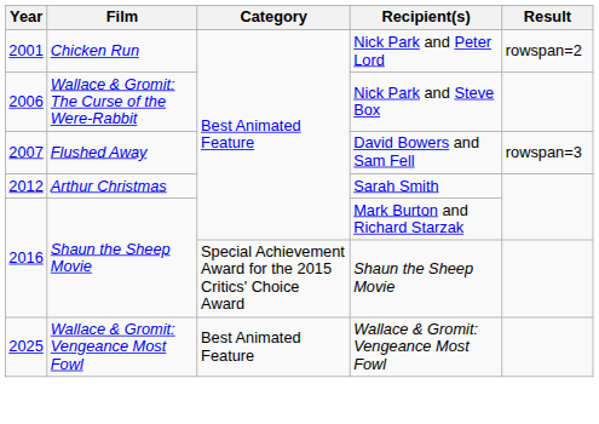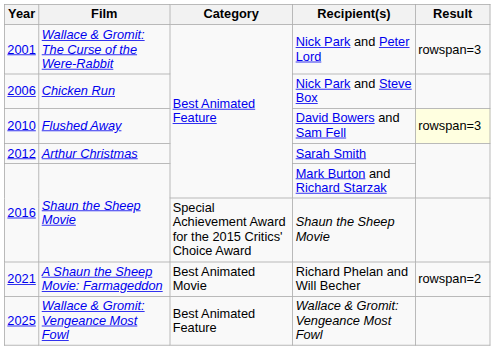 <table class="wikitable" style="max-width:900px;">
 <tr>
 <th width=35px>Year</th>
 <th width=265px>Film</th>
 <th width=250px>Category</th>
 <th width=250px>Recipient(s)</th>
 <th width=100px>Result</th>
 </tr>
 <tr>
 <td><a href='#'>2001</a></td>
-<td><em><a href='#'>Chicken Run</a></em></td>
+<td><em><a href='#'>Wallace & Gromit: The Curse of the Were-Rabbit</a></em></td>
 <td rowspan=5><a href='#'>Best Animated Feature</a></td>
 <td><a href='#'>Nick Park</a> and <a href='#'>Peter Lord</a></td>
-<td>rowspan=2 </td>
+<td>rowspan=3 </td>
 </tr>
 <tr>
 <td><a href='#'>2006</a></td>
-<td><em><a href='#'>Wallace & Gromit: The Curse of the Were-Rabbit</a></em></td>
+<td><em><a href='#'>Chicken Run</a></em></td>
 <td><a href='#'>Nick Park</a> and <a href='#'>Steve Box</a></td>
 </tr>
 <tr>
-<td><a href='#'>2007</a></td>
+<td><a href='#'>2010</a></td>
 <td><em><a href='#'>Flushed Away</a></em></td>
 <td><a href='#'>David Bowers</a> and <a href='#'>Sam Fell</a></td>
-<td>rowspan=3 </td>
+<td style="background: lightyellow;">rowspan=3 </td>
 </tr>
 <tr>
 <td><a href='#'>2012</a></td>
 <td><em><a href='#'>Arthur Christmas</a></em></td>
 <td><a href='#'>Sarah Smith</a></td>
 </tr>
 <tr>
 <td rowspan=2><a href='#'>2016</a></td>
 <td rowspan=2><em><a href='#'>Shaun the Sheep Movie</a></em></td>
 <td><a href='#'>Mark Burton</a> and <a href='#'>Richard Starzak</a></td>
 </tr>
 <tr>
 <td>Special Achievement Award for the 2015 Critics' Choice Award</td>
 <td><em>Shaun the Sheep Movie</em></td>
 <td></td>
 </tr>
 <tr>
+<td><a href='#'>2021</a></td>
+<td><em><a href='#'>A Shaun the Sheep Movie: Farmageddon</a></em></td>
+<td>Best Animated Movie</td>
+<td>Richard Phelan and Will Becher</td>
+<td>rowspan=2 </td>
+</tr>
+<tr>
 <td><a href='#'>2025</a></td>
 <td><em><a href='#'>Wallace & Gromit: Vengeance Most Fowl</a></em></td>
 <td>Best Animated Feature</td>
 <td><em>Wallace & Gromit: Vengeance Most Fowl</em></td>
 </tr>
 </table>
